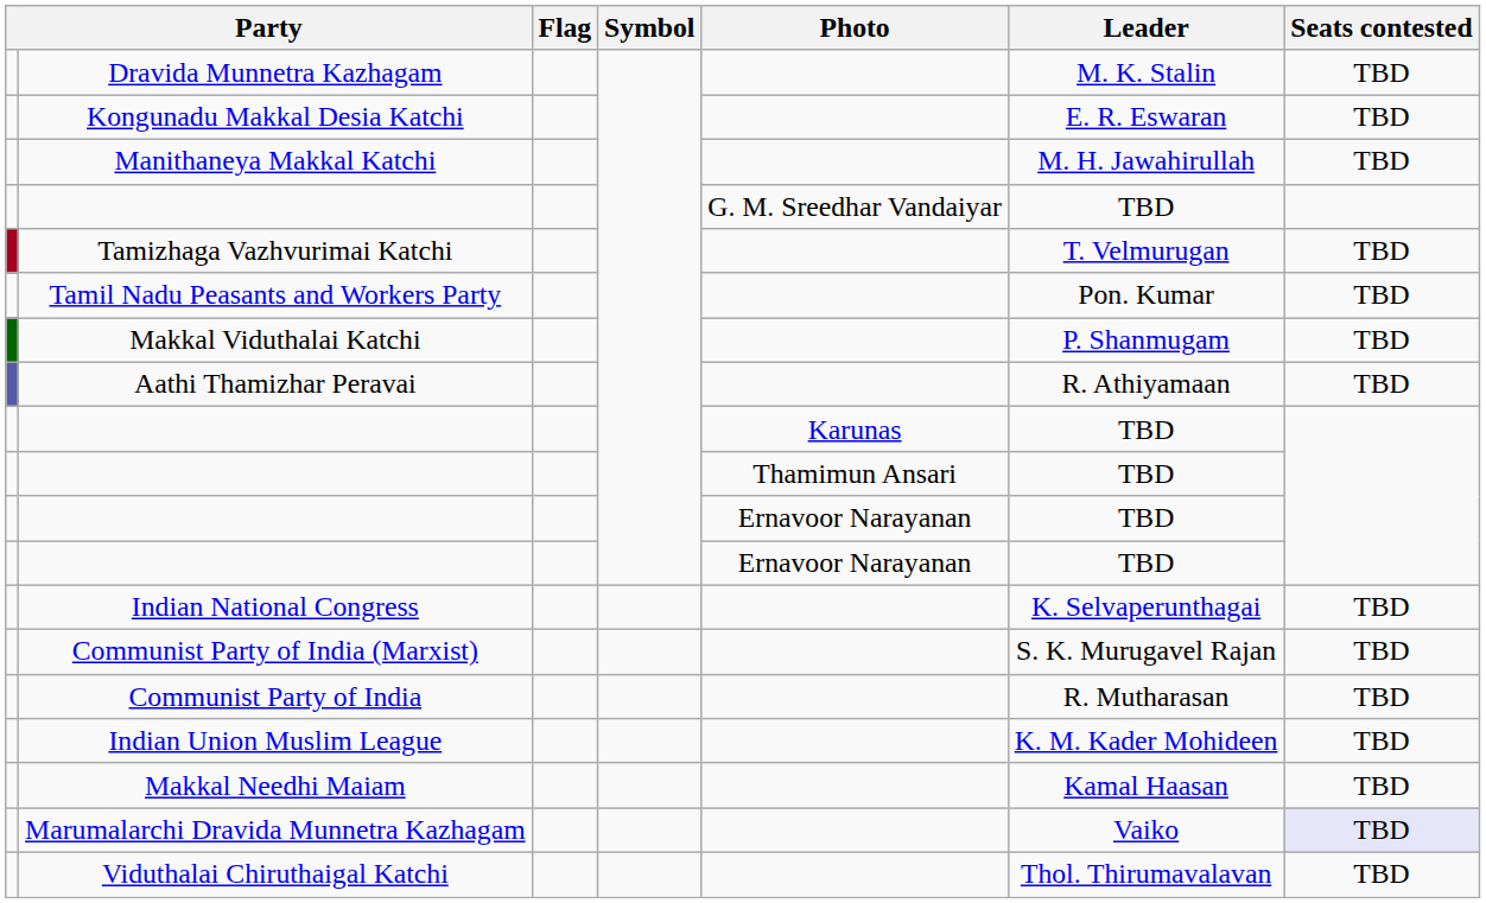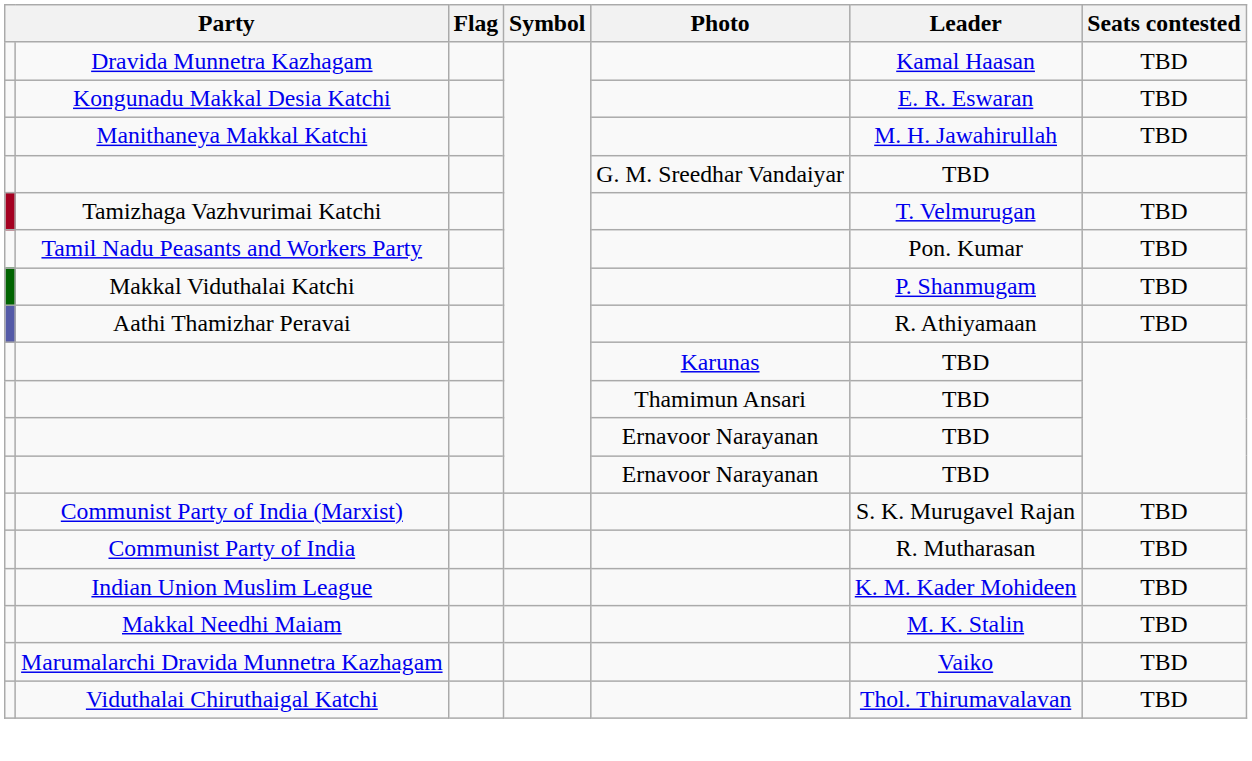 <table class="wikitable sortable" style="text-align:center;">
 <tr>
 <th colspan="2">Party</th>
 <th>Flag</th>
 <th>Symbol</th>
 <th>Photo</th>
 <th>Leader</th>
 <th>Seats contested</th>
 </tr>
 <tr>
 <td></td>
 <td><a href='#'>Dravida Munnetra Kazhagam</a></td>
 <td></td>
 <td rowspan=12></td>
 <td></td>
-<td><a href='#'>M. K. Stalin</a></td>
+<td><a href='#'>Kamal Haasan</a></td>
 <td>TBD</td>
 </tr>
 <tr>
 <td></td>
 <td><a href='#'>Kongunadu Makkal Desia Katchi</a></td>
 <td></td>
 <td></td>
 <td><a href='#'>E. R. Eswaran</a></td>
 <td>TBD</td>
 </tr>
 <tr>
 <td></td>
 <td><a href='#'>Manithaneya Makkal Katchi</a></td>
 <td></td>
 <td></td>
 <td><a href='#'>M. H. Jawahirullah</a></td>
 <td>TBD</td>
 </tr>
 <tr>
 <td></td>
 <td></td>
 <td></td>
 <td>G. M. Sreedhar Vandaiyar</td>
 <td>TBD</td>
 </tr>
 <tr>
 <td style="background:#A50021"></td>
 <td>Tamizhaga Vazhvurimai Katchi</td>
 <td></td>
 <td></td>
 <td><a href='#'>T. Velmurugan</a></td>
 <td>TBD</td>
 </tr>
 <tr>
 <td></td>
 <td><a href='#'>Tamil Nadu Peasants and Workers Party</a></td>
 <td></td>
 <td></td>
 <td>Pon. Kumar</td>
 <td>TBD</td>
 </tr>
 <tr>
 <td style="background:#006400"></td>
 <td>Makkal Viduthalai Katchi</td>
 <td></td>
 <td></td>
 <td><a href='#'>P. Shanmugam</a></td>
 <td>TBD</td>
 </tr>
 <tr>
 <td style="background:#545AA7"></td>
 <td>Aathi Thamizhar Peravai</td>
 <td></td>
 <td></td>
 <td>R. Athiyamaan</td>
 <td>TBD</td>
 </tr>
 <tr>
 <td></td>
 <td></td>
 <td></td>
 <td><a href='#'>Karunas</a></td>
 <td>TBD</td>
 </tr>
 <tr>
 <td></td>
 <td></td>
 <td></td>
 <td>Thamimun Ansari</td>
 <td>TBD</td>
 </tr>
 <tr>
 <td></td>
 <td></td>
 <td></td>
 <td>Ernavoor Narayanan</td>
 <td>TBD</td>
 </tr>
 <tr>
 <td></td>
 <td></td>
 <td></td>
 <td>Ernavoor Narayanan</td>
 <td>TBD</td>
 </tr>
-<tr>
-<td></td>
-<td><a href='#'>Indian National Congress</a></td>
-<td></td>
-<td></td>
-<td></td>
-<td><a href='#'>K. Selvaperunthagai</a></td>
-<td>TBD</td>
-</tr>
 <tr 185>
 <td></td>
 <td><a href='#'>Communist Party of India (Marxist)</a></td>
 <td></td>
 <td></td>
 <td></td>
 <td>S. K. Murugavel Rajan</td>
 <td>TBD</td>
 </tr>
 <tr>
 <td></td>
 <td><a href='#'>Communist Party of India</a></td>
 <td></td>
 <td></td>
 <td></td>
 <td>R. Mutharasan</td>
 <td>TBD</td>
 </tr>
 <tr>
 <td></td>
 <td><a href='#'>Indian Union Muslim League</a></td>
 <td></td>
 <td></td>
 <td></td>
 <td><a href='#'>K. M. Kader Mohideen</a></td>
 <td>TBD</td>
 </tr>
 <tr>
 <td></td>
 <td><a href='#'>Makkal Needhi Maiam</a></td>
 <td></td>
 <td></td>
 <td></td>
-<td><a href='#'>Kamal Haasan</a></td>
+<td><a href='#'>M. K. Stalin</a></td>
 <td>TBD</td>
 </tr>
 <tr>
 <td></td>
 <td><a href='#'>Marumalarchi Dravida Munnetra Kazhagam</a></td>
 <td></td>
 <td></td>
 <td></td>
 <td><a href='#'>Vaiko</a></td>
-<td style="background: lavender;">TBD</td>
+<td>TBD</td>
 </tr>
 <tr>
 <td></td>
 <td><a href='#'>Viduthalai Chiruthaigal Katchi</a></td>
 <td></td>
 <td></td>
 <td></td>
 <td><a href='#'>Thol. Thirumavalavan</a></td>
 <td>TBD</td>
 </tr>
 </table>
